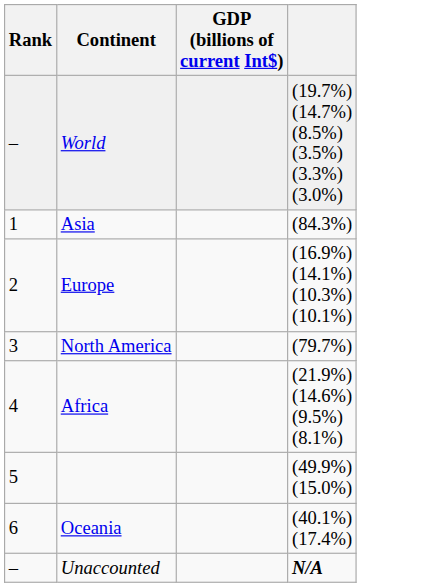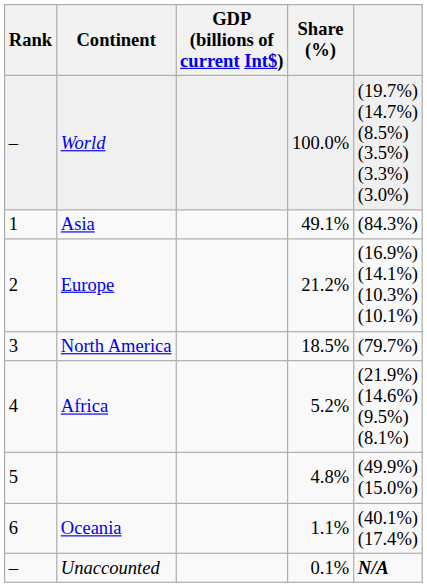 <table class="wikitable sortable">
 <tr>
 <th style="width:2em;">Rank</th>
 <th>Continent</th>
 <th>GDP<br>(billions of<br><a href='#'>current</a> <a href='#'>Int$</a>)</th>
+<th>Share<br>(%)</th>
 <th></th>
 </tr>
 <tr style="font--3weight:bold;background:#f0f0f0">
 <td>–</td>
 <td><em><a href='#'>World</a></em></td>
 <td align=right></td>
+<td align=right>100.0%</td>
 <td> (19.7%)<br> (14.7%)<br> (8.5%)<br> (3.5%)<br> (3.3%)<br> (3.0%)</td>
 </tr>
 <tr>
 <td>1</td>
 <td><a href='#'>Asia</a></td>
 <td align=right></td>
+<td align=right>49.1%</td>
 <td> (84.3%)</td>
 </tr>
 <tr>
 <td>2</td>
 <td><a href='#'>Europe</a></td>
 <td align=right></td>
+<td align=right>21.2%</td>
 <td> (16.9%)<br> (14.1%)<br> (10.3%)<br> (10.1%)</td>
 </tr>
 <tr>
 <td>3</td>
 <td><a href='#'>North America</a></td>
 <td align=right></td>
+<td align=right>18.5%</td>
 <td> (79.7%)</td>
 </tr>
 <tr>
 <td>4</td>
 <td><a href='#'>Africa</a></td>
 <td align=right></td>
+<td align=right>5.2%</td>
 <td> (21.9%)<br> (14.6%)<br> (9.5%)<br> (8.1%)</td>
 </tr>
 <tr>
 <td>5</td>
 <td></td>
 <td align=right></td>
+<td align="right">4.8%</td>
 <td> (49.9%)<br> (15.0%)</td>
 </tr>
 <tr>
 <td>6</td>
 <td><a href='#'>Oceania</a></td>
 <td align=right></td>
+<td align=right>1.1%</td>
 <td> (40.1%)<br> (17.4%)</td>
 </tr>
 <tr>
 <td>–</td>
 <td><em>Unaccounted</em></td>
 <td align=right></td>
+<td align=right>0.1%</td>
 <td><strong><em>N/A</em></strong></td>
 </tr>
 </table>
